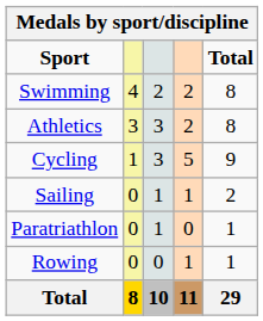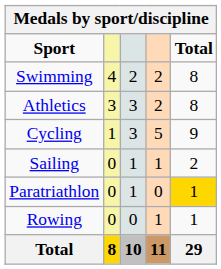 <table class="wikitable" style="font-size:85%; float:right;">
 <tr style="background:#efefef;">
 <th colspan=7>Medals by sport/discipline</th>
 </tr>
 <tr align=center>
 <td><strong>Sport</strong></td>
 <td style="background:#f7f6a8;"></td>
 <td style="background:#dce5e5;"></td>
 <td style="background:#ffdab9;"></td>
 <td><strong>Total</strong></td>
 </tr>
 <tr align=center>
 <td><a href='#'>Swimming</a></td>
 <td style="background:#f7f6a8;">4</td>
 <td style="background:#dce5e5;">2</td>
 <td style="background:#ffdab9;">2</td>
 <td>8</td>
 </tr>
 <tr align=center>
 <td><a href='#'>Athletics</a></td>
 <td style="background:#f7f6a8;">3</td>
 <td style="background:#dce5e5;">3</td>
 <td style="background:#ffdab9;">2</td>
 <td>8</td>
 </tr>
 <tr align=center>
 <td><a href='#'>Cycling</a></td>
 <td style="background:#f7f6a8;">1</td>
 <td style="background:#dce5e5;">3</td>
 <td style="background:#ffdab9;">5</td>
 <td>9</td>
 </tr>
 <tr align=center>
 <td><a href='#'>Sailing</a></td>
 <td style="background:#f7f6a8;">0</td>
 <td style="background:#dce5e5;">1</td>
 <td style="background:#ffdab9;">1</td>
 <td>2</td>
 </tr>
 <tr align=center>
 <td><a href='#'>Paratriathlon</a></td>
 <td style="background:#f7f6a8;">0</td>
 <td style="background:#dce5e5;">1</td>
 <td style="background:#ffdab9;">0</td>
-<td>1</td>
+<td style="background: gold;">1</td>
 </tr>
 <tr align=center>
 <td><a href='#'>Rowing</a></td>
 <td style="background:#f7f6a8;">0</td>
 <td style="background:#dce5e5;">0</td>
 <td style="background:#ffdab9;">1</td>
 <td>1</td>
 </tr>
 <tr align=center>
 <th>Total</th>
 <th style="background:gold;">8</th>
 <th style="background:silver;">10</th>
 <th style="background:#c96;">11</th>
 <th>29</th>
 </tr>
 </table>
